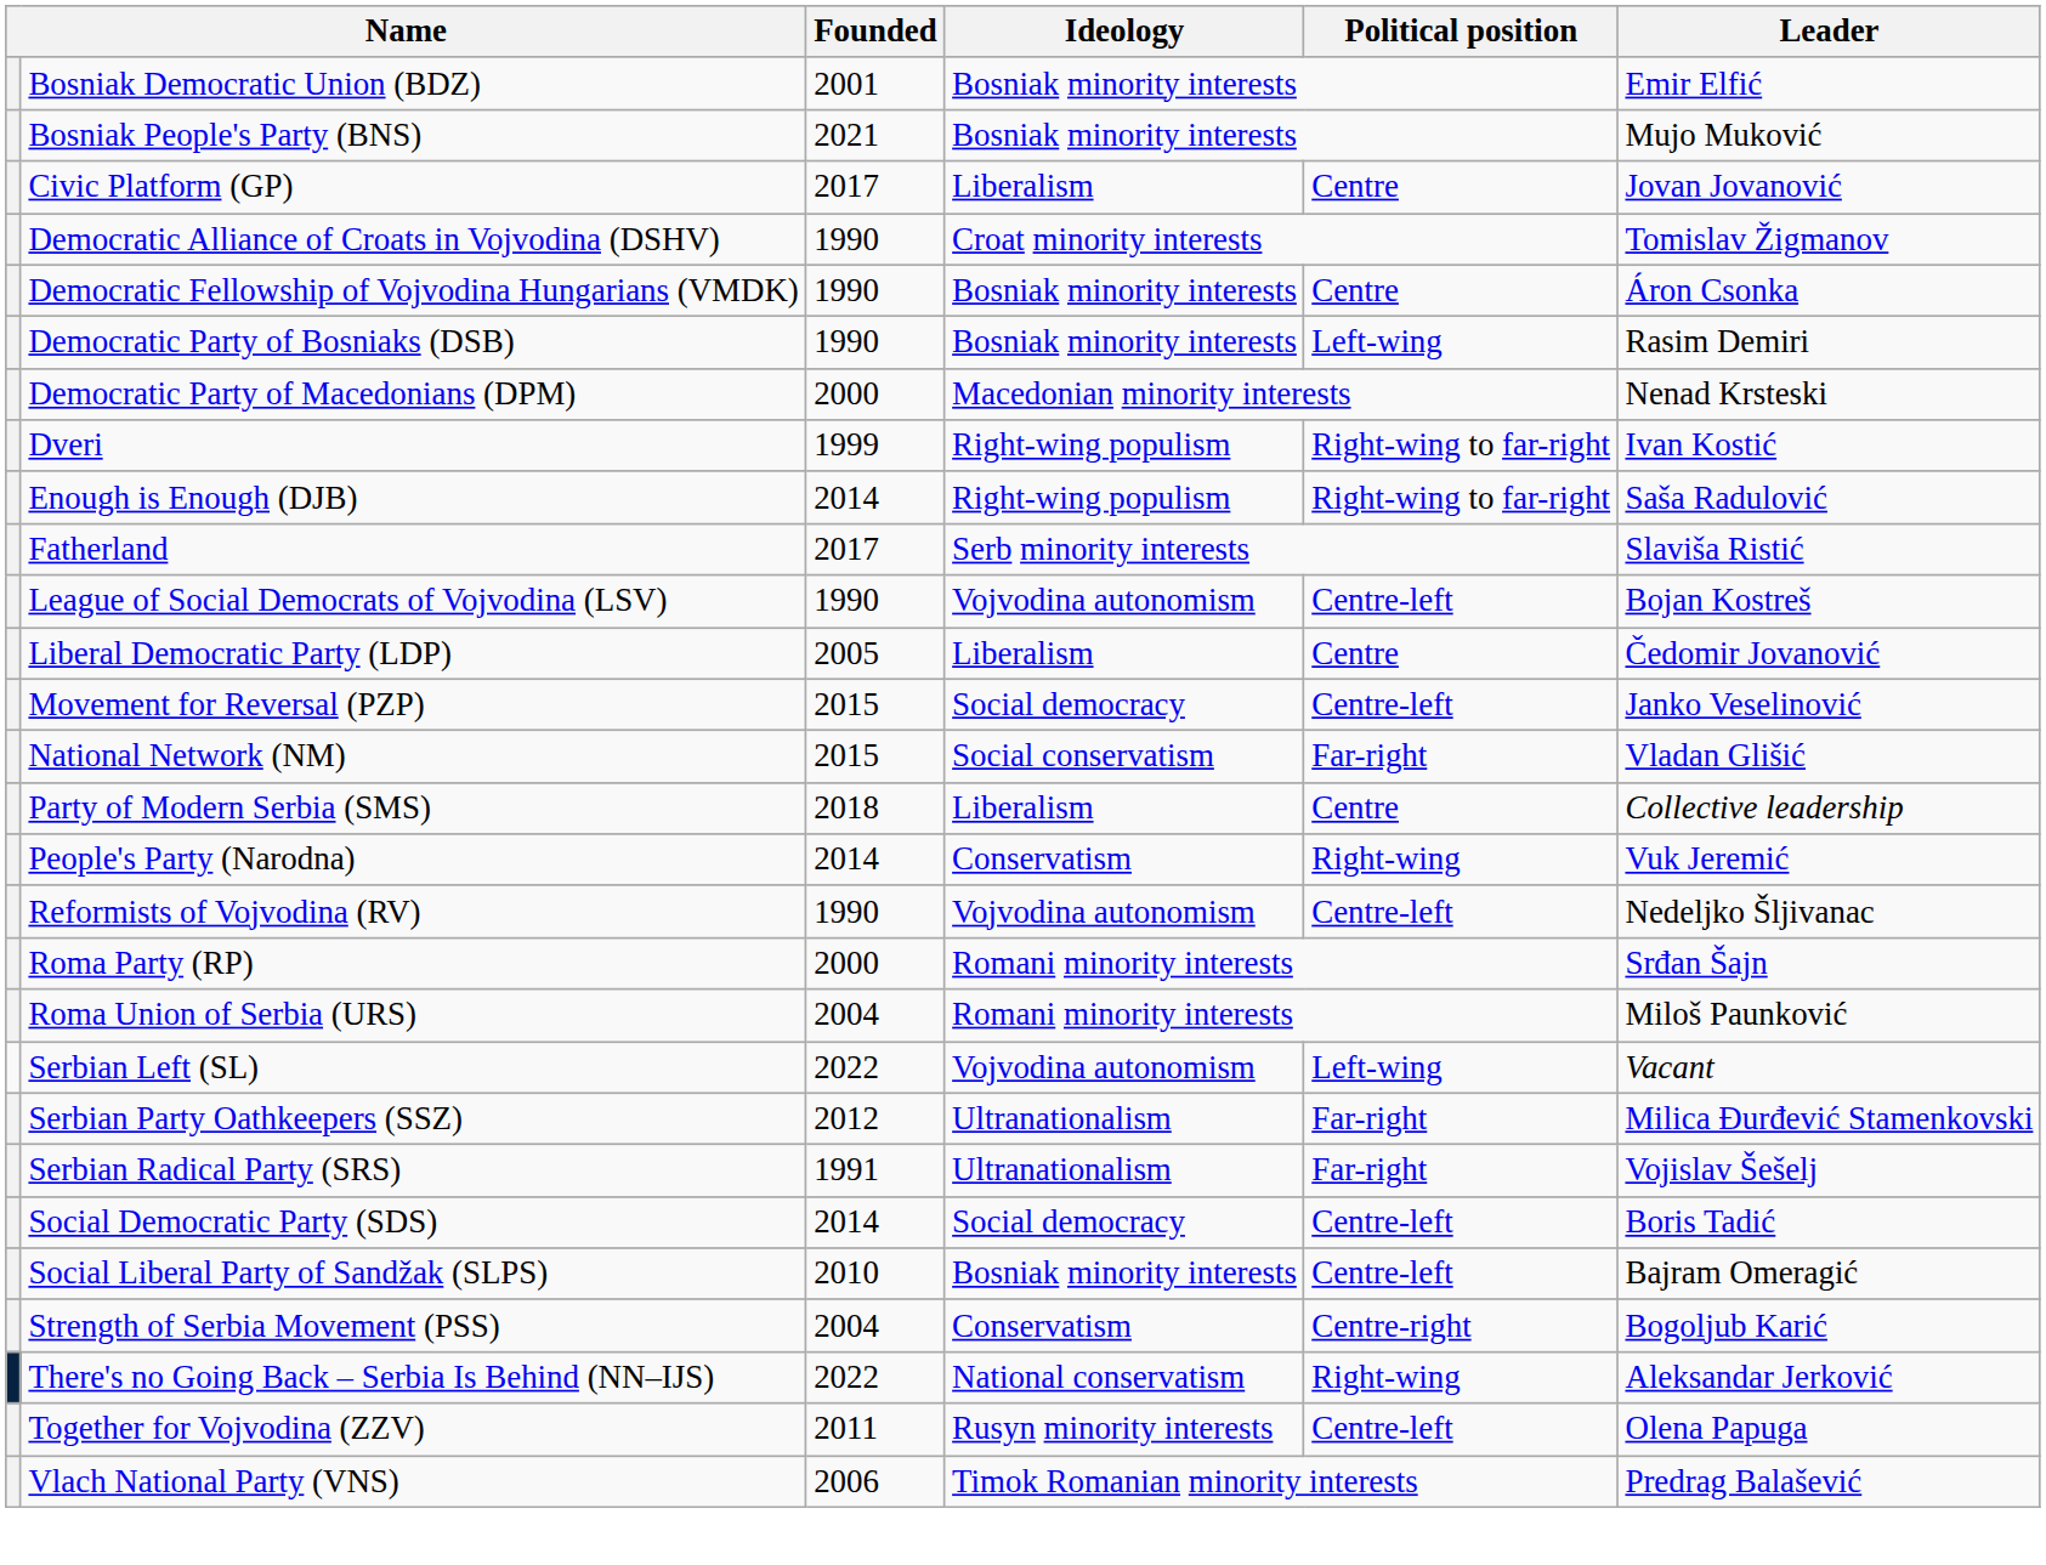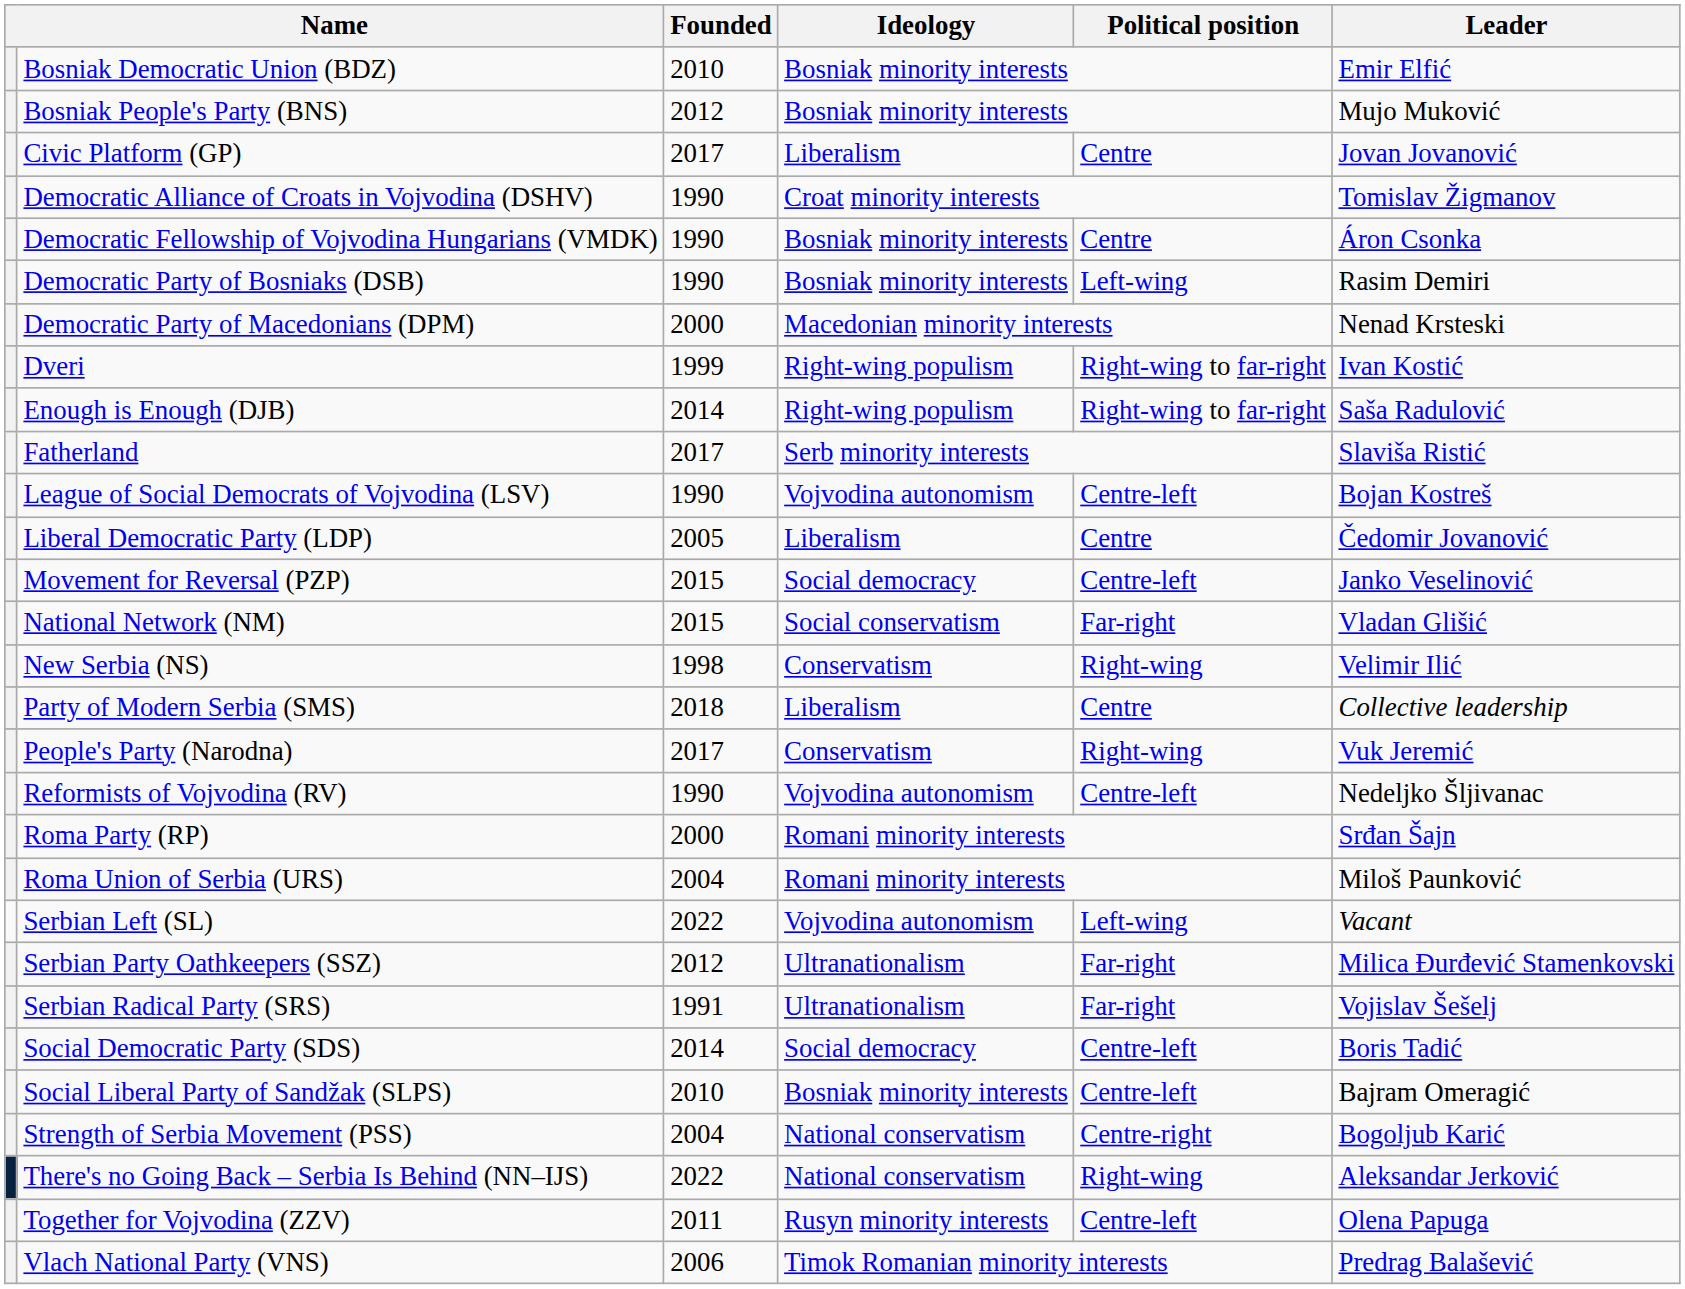 <table class="wikitable">
 <tr>
 <th colspan="2">Name</th>
 <th>Founded</th>
 <th>Ideology</th>
 <th>Political position</th>
 <th>Leader</th>
 </tr>
 <tr>
 <th style="background:"></th>
 <td><a href='#'>Bosniak Democratic Union</a> (BDZ)</td>
-<td>2001</td>
+<td>2010</td>
 <td colspan="2"><a href='#'>Bosniak</a> <a href='#'>minority interests</a></td>
 <td><a href='#'>Emir Elfić</a></td>
 </tr>
 <tr>
 <th style="background:"></th>
 <td><a href='#'>Bosniak People's Party</a> (BNS)</td>
-<td>2021</td>
+<td>2012</td>
 <td colspan="2"><a href='#'>Bosniak</a> <a href='#'>minority interests</a></td>
 <td>Mujo Muković</td>
 </tr>
 <tr>
 <th style="background:"></th>
 <td><a href='#'>Civic Platform</a> (GP)</td>
 <td>2017</td>
 <td><a href='#'>Liberalism</a></td>
 <td><a href='#'>Centre</a></td>
 <td><a href='#'>Jovan Jovanović</a></td>
 </tr>
 <tr>
 <th style="background:"></th>
 <td><a href='#'>Democratic Alliance of Croats in Vojvodina</a> (DSHV)</td>
 <td>1990</td>
 <td colspan="2"><a href='#'>Croat</a> <a href='#'>minority interests</a></td>
 <td><a href='#'>Tomislav Žigmanov</a></td>
 </tr>
 <tr>
 <th style="background:"></th>
 <td><a href='#'>Democratic Fellowship of Vojvodina Hungarians</a> (VMDK)</td>
 <td>1990</td>
 <td><a href='#'>Bosniak</a> <a href='#'>minority interests</a></td>
 <td><a href='#'>Centre</a></td>
 <td><a href='#'>Áron Csonka</a></td>
 </tr>
 <tr>
 <th style="background:"></th>
 <td><a href='#'>Democratic Party of Bosniaks</a> (DSB)</td>
 <td>1990</td>
 <td><a href='#'>Bosniak</a> <a href='#'>minority interests</a></td>
 <td><a href='#'>Left-wing</a></td>
 <td>Rasim Demiri</td>
 </tr>
 <tr>
 <th style="background:"></th>
 <td><a href='#'>Democratic Party of Macedonians</a> (DPM)</td>
 <td>2000</td>
 <td colspan="2"><a href='#'>Macedonian</a> <a href='#'>minority interests</a></td>
 <td>Nenad Krsteski</td>
 </tr>
 <tr>
 <th style="background:"></th>
 <td><a href='#'>Dveri</a></td>
 <td>1999</td>
 <td><a href='#'>Right-wing populism</a></td>
 <td><a href='#'>Right-wing</a> to <a href='#'>far-right</a></td>
 <td><a href='#'>Ivan Kostić</a></td>
 </tr>
 <tr>
 <th style="background:"></th>
 <td><a href='#'>Enough is Enough</a> (DJB)</td>
 <td>2014</td>
 <td><a href='#'>Right-wing populism</a></td>
 <td><a href='#'>Right-wing</a> to <a href='#'>far-right</a></td>
 <td><a href='#'>Saša Radulović</a></td>
 </tr>
 <tr>
 <th style="background:"></th>
 <td><a href='#'>Fatherland</a></td>
 <td>2017</td>
 <td colspan="2"><a href='#'>Serb</a> <a href='#'>minority interests</a></td>
 <td><a href='#'>Slaviša Ristić</a></td>
 </tr>
 <tr>
 <th style="background:"></th>
 <td><a href='#'>League of Social Democrats of Vojvodina</a> (LSV)</td>
 <td>1990</td>
 <td><a href='#'>Vojvodina autonomism</a></td>
 <td><a href='#'>Centre-left</a></td>
 <td><a href='#'>Bojan Kostreš</a></td>
 </tr>
 <tr>
 <th style="background:"></th>
 <td><a href='#'>Liberal Democratic Party</a> (LDP)</td>
 <td>2005</td>
 <td><a href='#'>Liberalism</a></td>
 <td><a href='#'>Centre</a></td>
 <td><a href='#'>Čedomir Jovanović</a></td>
 </tr>
 <tr>
 <th style="background:"></th>
 <td><a href='#'>Movement for Reversal</a> (PZP)</td>
 <td>2015</td>
 <td><a href='#'>Social democracy</a></td>
 <td><a href='#'>Centre-left</a></td>
 <td><a href='#'>Janko Veselinović</a></td>
 </tr>
 <tr>
 <th style="background:"></th>
 <td><a href='#'>National Network</a> (NM)</td>
 <td>2015</td>
 <td><a href='#'>Social conservatism</a></td>
 <td><a href='#'>Far-right</a></td>
 <td><a href='#'>Vladan Glišić</a></td>
 </tr>
 <tr>
 <th style="background:"></th>
+<td><a href='#'>New Serbia</a> (NS)</td>
+<td>1998</td>
+<td><a href='#'>Conservatism</a></td>
+<td><a href='#'>Right-wing</a></td>
+<td><a href='#'>Velimir Ilić</a></td>
+</tr>
+<tr>
+<th style="background:"></th>
 <td><a href='#'>Party of Modern Serbia</a> (SMS)</td>
 <td>2018</td>
 <td><a href='#'>Liberalism</a></td>
 <td><a href='#'>Centre</a></td>
 <td><em>Collective leadership</em></td>
 </tr>
 <tr>
 <th style="background:"></th>
 <td><a href='#'>People's Party</a> (Narodna)</td>
-<td>2014</td>
+<td>2017</td>
 <td><a href='#'>Conservatism</a></td>
 <td><a href='#'>Right-wing</a></td>
 <td><a href='#'>Vuk Jeremić</a></td>
 </tr>
 <tr>
 <th style="background:"></th>
 <td><a href='#'>Reformists of Vojvodina</a> (RV)</td>
 <td>1990</td>
 <td><a href='#'>Vojvodina autonomism</a></td>
 <td><a href='#'>Centre-left</a></td>
 <td>Nedeljko Šljivanac</td>
 </tr>
 <tr>
 <th style="background:"></th>
 <td><a href='#'>Roma Party</a> (RP)</td>
 <td>2000</td>
 <td colspan="2"><a href='#'>Romani</a> <a href='#'>minority interests</a></td>
 <td><a href='#'>Srđan Šajn</a></td>
 </tr>
 <tr>
 <th style="background:"></th>
 <td><a href='#'>Roma Union of Serbia</a> (URS)</td>
 <td>2004</td>
 <td colspan="2"><a href='#'>Romani</a> <a href='#'>minority interests</a></td>
 <td>Miloš Paunković</td>
 </tr>
 <tr>
 <td style="background:"></td>
 <td><a href='#'>Serbian Left</a> (SL)</td>
 <td>2022</td>
 <td><a href='#'>Vojvodina autonomism</a></td>
 <td><a href='#'>Left-wing</a></td>
 <td><em>Vacant</em></td>
 </tr>
 <tr>
 <th style="background:"></th>
 <td><a href='#'>Serbian Party Oathkeepers</a> (SSZ)</td>
 <td>2012</td>
 <td><a href='#'>Ultranationalism</a></td>
 <td><a href='#'>Far-right</a></td>
 <td><a href='#'>Milica Đurđević Stamenkovski</a></td>
 </tr>
 <tr>
 <th style="background:"></th>
 <td><a href='#'>Serbian Radical Party</a> (SRS)</td>
 <td>1991</td>
 <td><a href='#'>Ultranationalism</a></td>
 <td><a href='#'>Far-right</a></td>
 <td><a href='#'>Vojislav Šešelj</a></td>
 </tr>
 <tr>
 <th style="background:"></th>
 <td><a href='#'>Social Democratic Party</a> (SDS)</td>
 <td>2014</td>
 <td><a href='#'>Social democracy</a></td>
 <td><a href='#'>Centre-left</a></td>
 <td><a href='#'>Boris Tadić</a></td>
 </tr>
 <tr>
 <th style="background:"></th>
 <td><a href='#'>Social Liberal Party of Sandžak</a> (SLPS)</td>
 <td>2010</td>
 <td><a href='#'>Bosniak</a> <a href='#'>minority interests</a></td>
 <td><a href='#'>Centre-left</a></td>
 <td>Bajram Omeragić</td>
 </tr>
 <tr>
 <th style="background:"></th>
 <td><a href='#'>Strength of Serbia Movement</a> (PSS)</td>
 <td>2004</td>
-<td><a href='#'>Conservatism</a></td>
+<td><a href='#'>National conservatism</a></td>
 <td><a href='#'>Centre-right</a></td>
 <td><a href='#'>Bogoljub Karić</a></td>
 </tr>
 <tr>
 <th style="background:#072240"></th>
 <td><a href='#'>There's no Going Back – Serbia Is Behind</a> (NN–IJS)</td>
 <td>2022</td>
 <td><a href='#'>National conservatism</a></td>
 <td><a href='#'>Right-wing</a></td>
 <td><a href='#'>Aleksandar Jerković</a></td>
 </tr>
 <tr>
 <th style="background:"></th>
 <td><a href='#'>Together for Vojvodina</a> (ZZV)</td>
 <td>2011</td>
 <td><a href='#'>Rusyn</a> <a href='#'>minority interests</a></td>
 <td><a href='#'>Centre-left</a></td>
 <td><a href='#'>Olena Papuga</a></td>
 </tr>
 <tr>
 <th style="background:"></th>
 <td><a href='#'>Vlach National Party</a> (VNS)</td>
 <td>2006</td>
 <td colspan="2"><a href='#'>Timok Romanian</a> <a href='#'>minority interests</a></td>
 <td><a href='#'>Predrag Balašević</a></td>
 </tr>
 </table>
